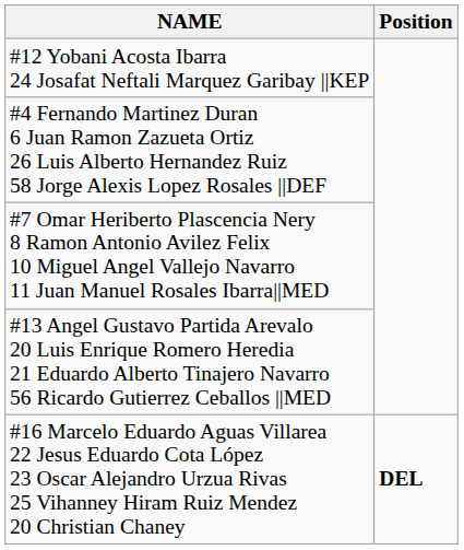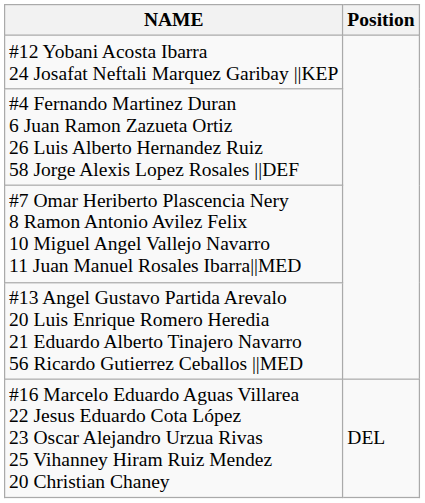 <table class="wikitable">
 <tr>
 <th>NAME</th>
 <th>Position</th>
 </tr>
 <tr>
 <td>#12 Yobani Acosta Ibarra<br>24 Josafat Neftali Marquez Garibay  ||KEP</td>
 </tr>
 <tr>
 <td>#4  Fernando Martinez Duran<br>6  Juan Ramon Zazueta Ortiz<br>26 Luis Alberto Hernandez Ruiz<br>58 Jorge Alexis Lopez Rosales ||DEF</td>
 </tr>
 <tr>
 <td>#7  Omar Heriberto Plascencia Nery<br>8  Ramon Antonio Avilez Felix<br>10 Miguel Angel Vallejo Navarro<br>11 Juan Manuel Rosales Ibarra||MED</td>
 </tr>
 <tr>
 <td>#13 Angel Gustavo Partida Arevalo<br>20 Luis Enrique Romero Heredia<br>21 Eduardo Alberto Tinajero Navarro<br>56 Ricardo Gutierrez Ceballos ||MED</td>
 </tr>
 <tr>
 <td>#16 Marcelo Eduardo Aguas Villarea<br>22 Jesus Eduardo Cota López<br>23 Oscar Alejandro Urzua Rivas<br>25 Vihanney Hiram Ruiz Mendez<br>20 Christian Chaney</td>
-<td><strong>DEL</strong></td>
+<td>DEL</td>
 </tr>
 </table>
